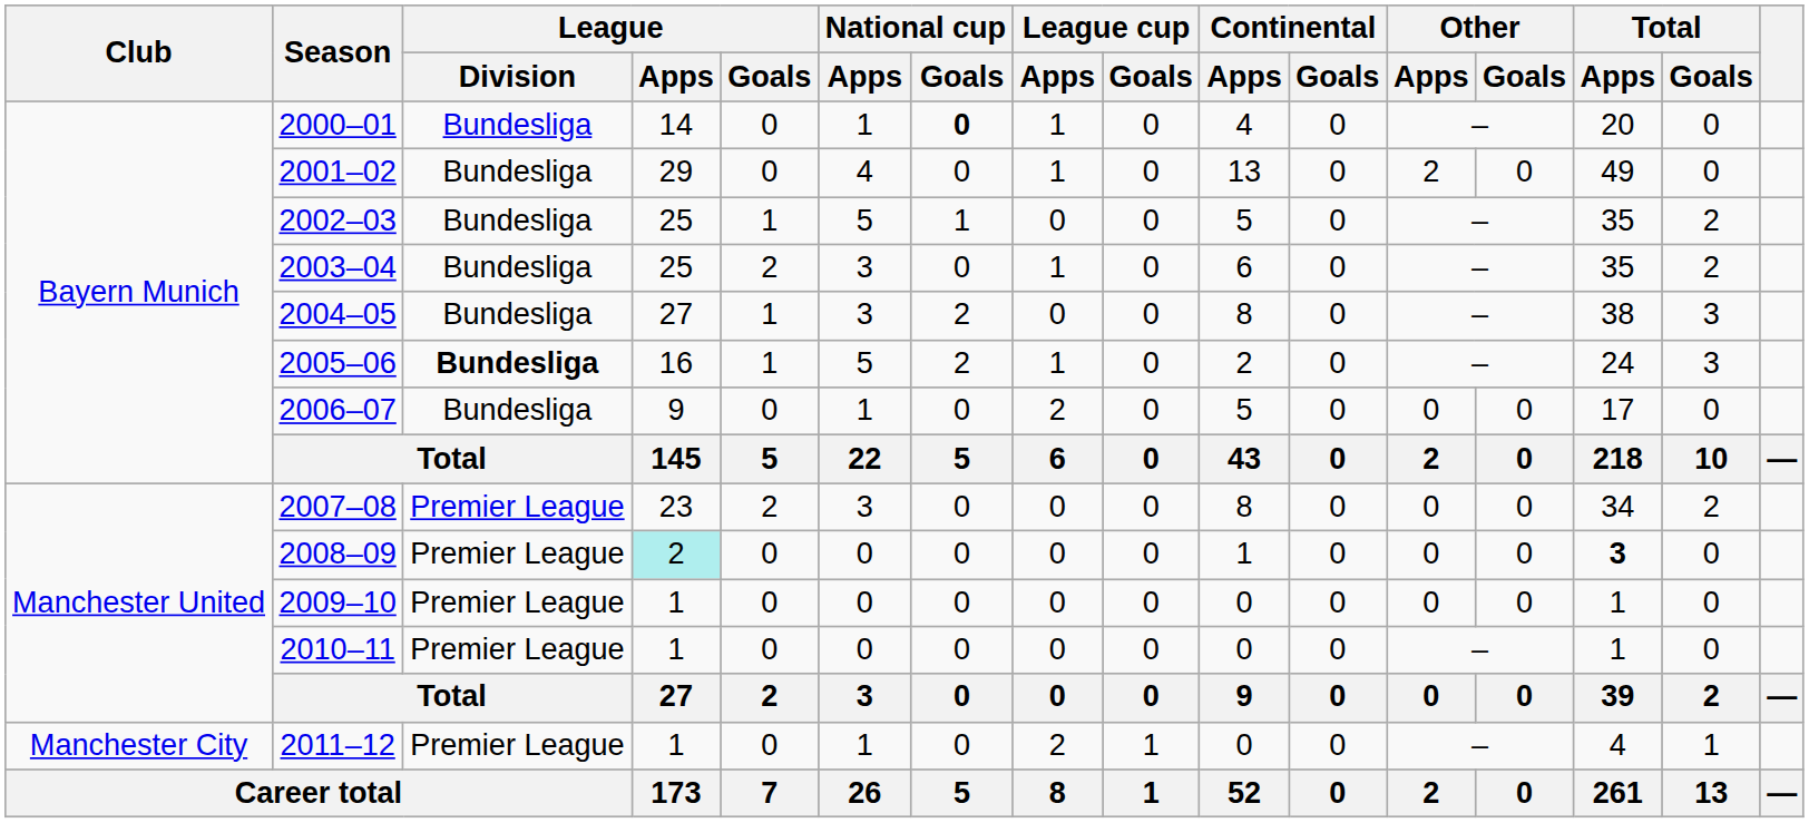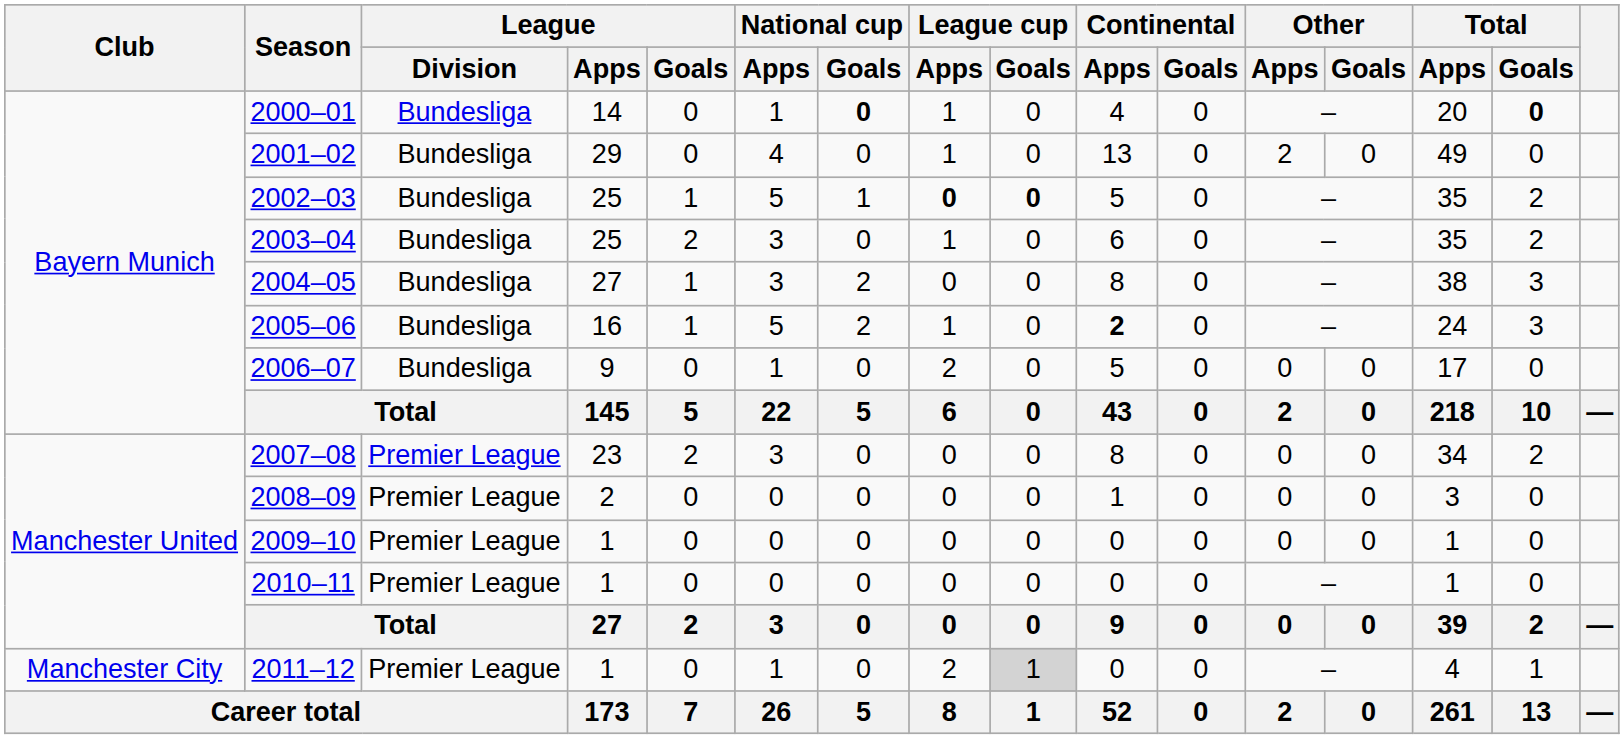 <table class="wikitable" style="text-align: center;">
 <tr>
 <th rowspan="2">Club</th>
 <th rowspan="2">Season</th>
 <th colspan="3">League</th>
 <th colspan="2">National cup</th>
 <th colspan="2">League cup</th>
 <th colspan="2">Continental</th>
 <th colspan="2">Other</th>
 <th colspan="2">Total</th>
 <th rowspan="2"></th>
 </tr>
 <tr>
 <th>Division</th>
 <th>Apps</th>
 <th>Goals</th>
 <th>Apps</th>
 <th>Goals</th>
 <th>Apps</th>
 <th>Goals</th>
 <th>Apps</th>
 <th>Goals</th>
 <th>Apps</th>
 <th>Goals</th>
 <th>Apps</th>
 <th>Goals</th>
 </tr>
 <tr>
 <td rowspan="8"><a href='#'>Bayern Munich</a></td>
 <td><a href='#'>2000–01</a></td>
 <td><a href='#'>Bundesliga</a></td>
 <td>14</td>
 <td>0</td>
 <td>1</td>
 <td><strong>0</strong></td>
 <td>1</td>
 <td>0</td>
 <td>4</td>
 <td>0</td>
 <td colspan="2">–</td>
 <td>20</td>
-<td>0</td>
+<td><strong>0</strong></td>
 <td></td>
 </tr>
 <tr>
 <td><a href='#'>2001–02</a></td>
 <td>Bundesliga</td>
 <td>29</td>
 <td>0</td>
 <td>4</td>
 <td>0</td>
 <td>1</td>
 <td>0</td>
 <td>13</td>
 <td>0</td>
 <td>2</td>
 <td>0</td>
 <td>49</td>
 <td>0</td>
 <td></td>
 </tr>
 <tr>
 <td><a href='#'>2002–03</a></td>
 <td>Bundesliga</td>
 <td>25</td>
 <td>1</td>
 <td>5</td>
 <td>1</td>
-<td>0</td>
-<td>0</td>
+<td><strong>0</strong></td>
+<td><strong>0</strong></td>
 <td>5</td>
 <td>0</td>
 <td colspan="2">–</td>
 <td>35</td>
 <td>2</td>
 <td></td>
 </tr>
 <tr>
 <td><a href='#'>2003–04</a></td>
 <td>Bundesliga</td>
 <td>25</td>
 <td>2</td>
 <td>3</td>
 <td>0</td>
 <td>1</td>
 <td>0</td>
 <td>6</td>
 <td>0</td>
 <td colspan="2">–</td>
 <td>35</td>
 <td>2</td>
 <td></td>
 </tr>
 <tr>
 <td><a href='#'>2004–05</a></td>
 <td>Bundesliga</td>
 <td>27</td>
 <td>1</td>
 <td>3</td>
 <td>2</td>
 <td>0</td>
 <td>0</td>
 <td>8</td>
 <td>0</td>
 <td colspan="2">–</td>
 <td>38</td>
 <td>3</td>
 <td></td>
 </tr>
 <tr>
 <td><a href='#'>2005–06</a></td>
-<td><strong>Bundesliga</strong></td>
+<td>Bundesliga</td>
 <td>16</td>
 <td>1</td>
 <td>5</td>
 <td>2</td>
 <td>1</td>
 <td>0</td>
-<td>2</td>
+<td><strong>2</strong></td>
 <td>0</td>
 <td colspan="2">–</td>
 <td>24</td>
 <td>3</td>
 <td></td>
 </tr>
 <tr>
 <td><a href='#'>2006–07</a></td>
 <td>Bundesliga</td>
 <td>9</td>
 <td>0</td>
 <td>1</td>
 <td>0</td>
 <td>2</td>
 <td>0</td>
 <td>5</td>
 <td>0</td>
 <td>0</td>
 <td>0</td>
 <td>17</td>
 <td>0</td>
 <td></td>
 </tr>
 <tr>
 <th colspan="2">Total</th>
 <th>145</th>
 <th>5</th>
 <th>22</th>
 <th>5</th>
 <th>6</th>
 <th>0</th>
 <th>43</th>
 <th>0</th>
 <th>2</th>
 <th>0</th>
 <th>218</th>
 <th>10</th>
 <th>—</th>
 </tr>
 <tr>
 <td rowspan="5"><a href='#'>Manchester United</a></td>
 <td><a href='#'>2007–08</a></td>
 <td><a href='#'>Premier League</a></td>
 <td>23</td>
 <td>2</td>
 <td>3</td>
 <td>0</td>
 <td>0</td>
 <td>0</td>
 <td>8</td>
 <td>0</td>
 <td>0</td>
 <td>0</td>
 <td>34</td>
 <td>2</td>
 <td></td>
 </tr>
 <tr>
 <td><a href='#'>2008–09</a></td>
 <td>Premier League</td>
-<td style="background: paleturquoise;">2</td>
+<td>2</td>
 <td>0</td>
 <td>0</td>
 <td>0</td>
 <td>0</td>
 <td>0</td>
 <td>1</td>
 <td>0</td>
 <td>0</td>
 <td>0</td>
-<td><strong>3</strong></td>
+<td>3</td>
 <td>0</td>
 <td></td>
 </tr>
 <tr>
 <td><a href='#'>2009–10</a></td>
 <td>Premier League</td>
 <td>1</td>
 <td>0</td>
 <td>0</td>
 <td>0</td>
 <td>0</td>
 <td>0</td>
 <td>0</td>
 <td>0</td>
 <td>0</td>
 <td>0</td>
 <td>1</td>
 <td>0</td>
 <td></td>
 </tr>
 <tr>
 <td><a href='#'>2010–11</a></td>
 <td>Premier League</td>
 <td>1</td>
 <td>0</td>
 <td>0</td>
 <td>0</td>
 <td>0</td>
 <td>0</td>
 <td>0</td>
 <td>0</td>
 <td colspan="2">–</td>
 <td>1</td>
 <td>0</td>
 <td></td>
 </tr>
 <tr>
 <th colspan="2">Total</th>
 <th>27</th>
 <th>2</th>
 <th>3</th>
 <th>0</th>
 <th>0</th>
 <th>0</th>
 <th>9</th>
 <th>0</th>
 <th>0</th>
 <th>0</th>
 <th>39</th>
 <th>2</th>
 <th>—</th>
 </tr>
 <tr>
 <td><a href='#'>Manchester City</a></td>
 <td><a href='#'>2011–12</a></td>
 <td>Premier League</td>
 <td>1</td>
 <td>0</td>
 <td>1</td>
 <td>0</td>
 <td>2</td>
-<td>1</td>
+<td style="background: lightgrey;">1</td>
 <td>0</td>
 <td>0</td>
 <td colspan="2">–</td>
 <td>4</td>
 <td>1</td>
 <td></td>
 </tr>
 <tr>
 <th colspan="3">Career total</th>
 <th>173</th>
 <th>7</th>
 <th>26</th>
 <th>5</th>
 <th>8</th>
 <th>1</th>
 <th>52</th>
 <th>0</th>
 <th>2</th>
 <th>0</th>
 <th>261</th>
 <th>13</th>
 <th>—</th>
 </tr>
 </table>
